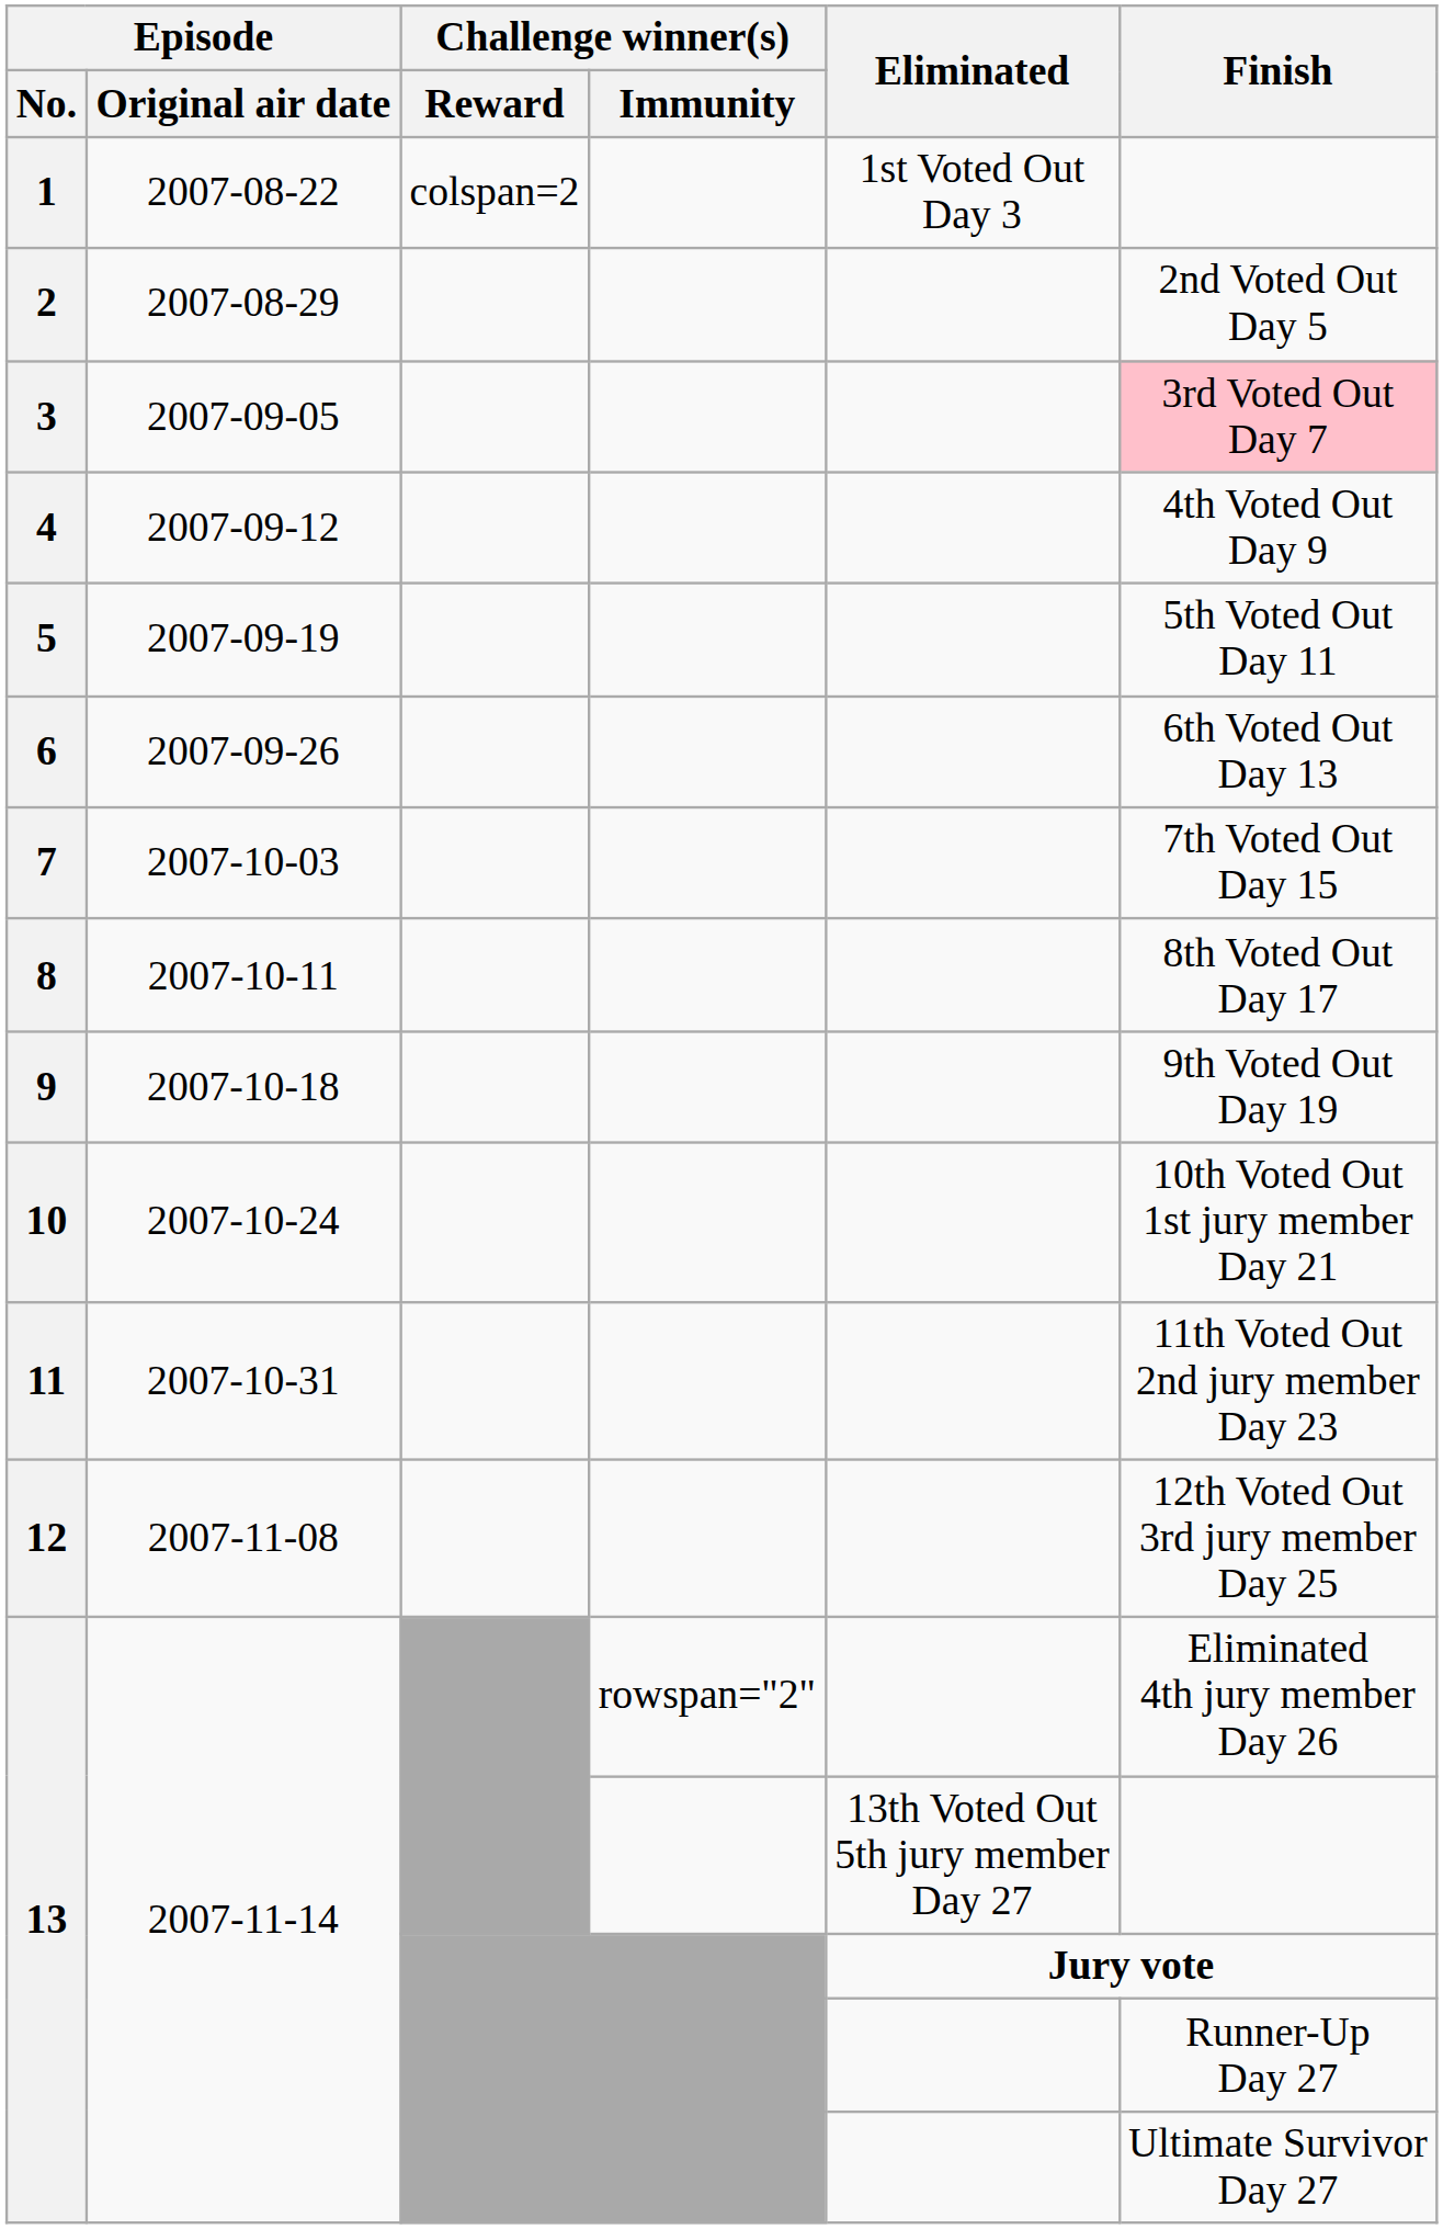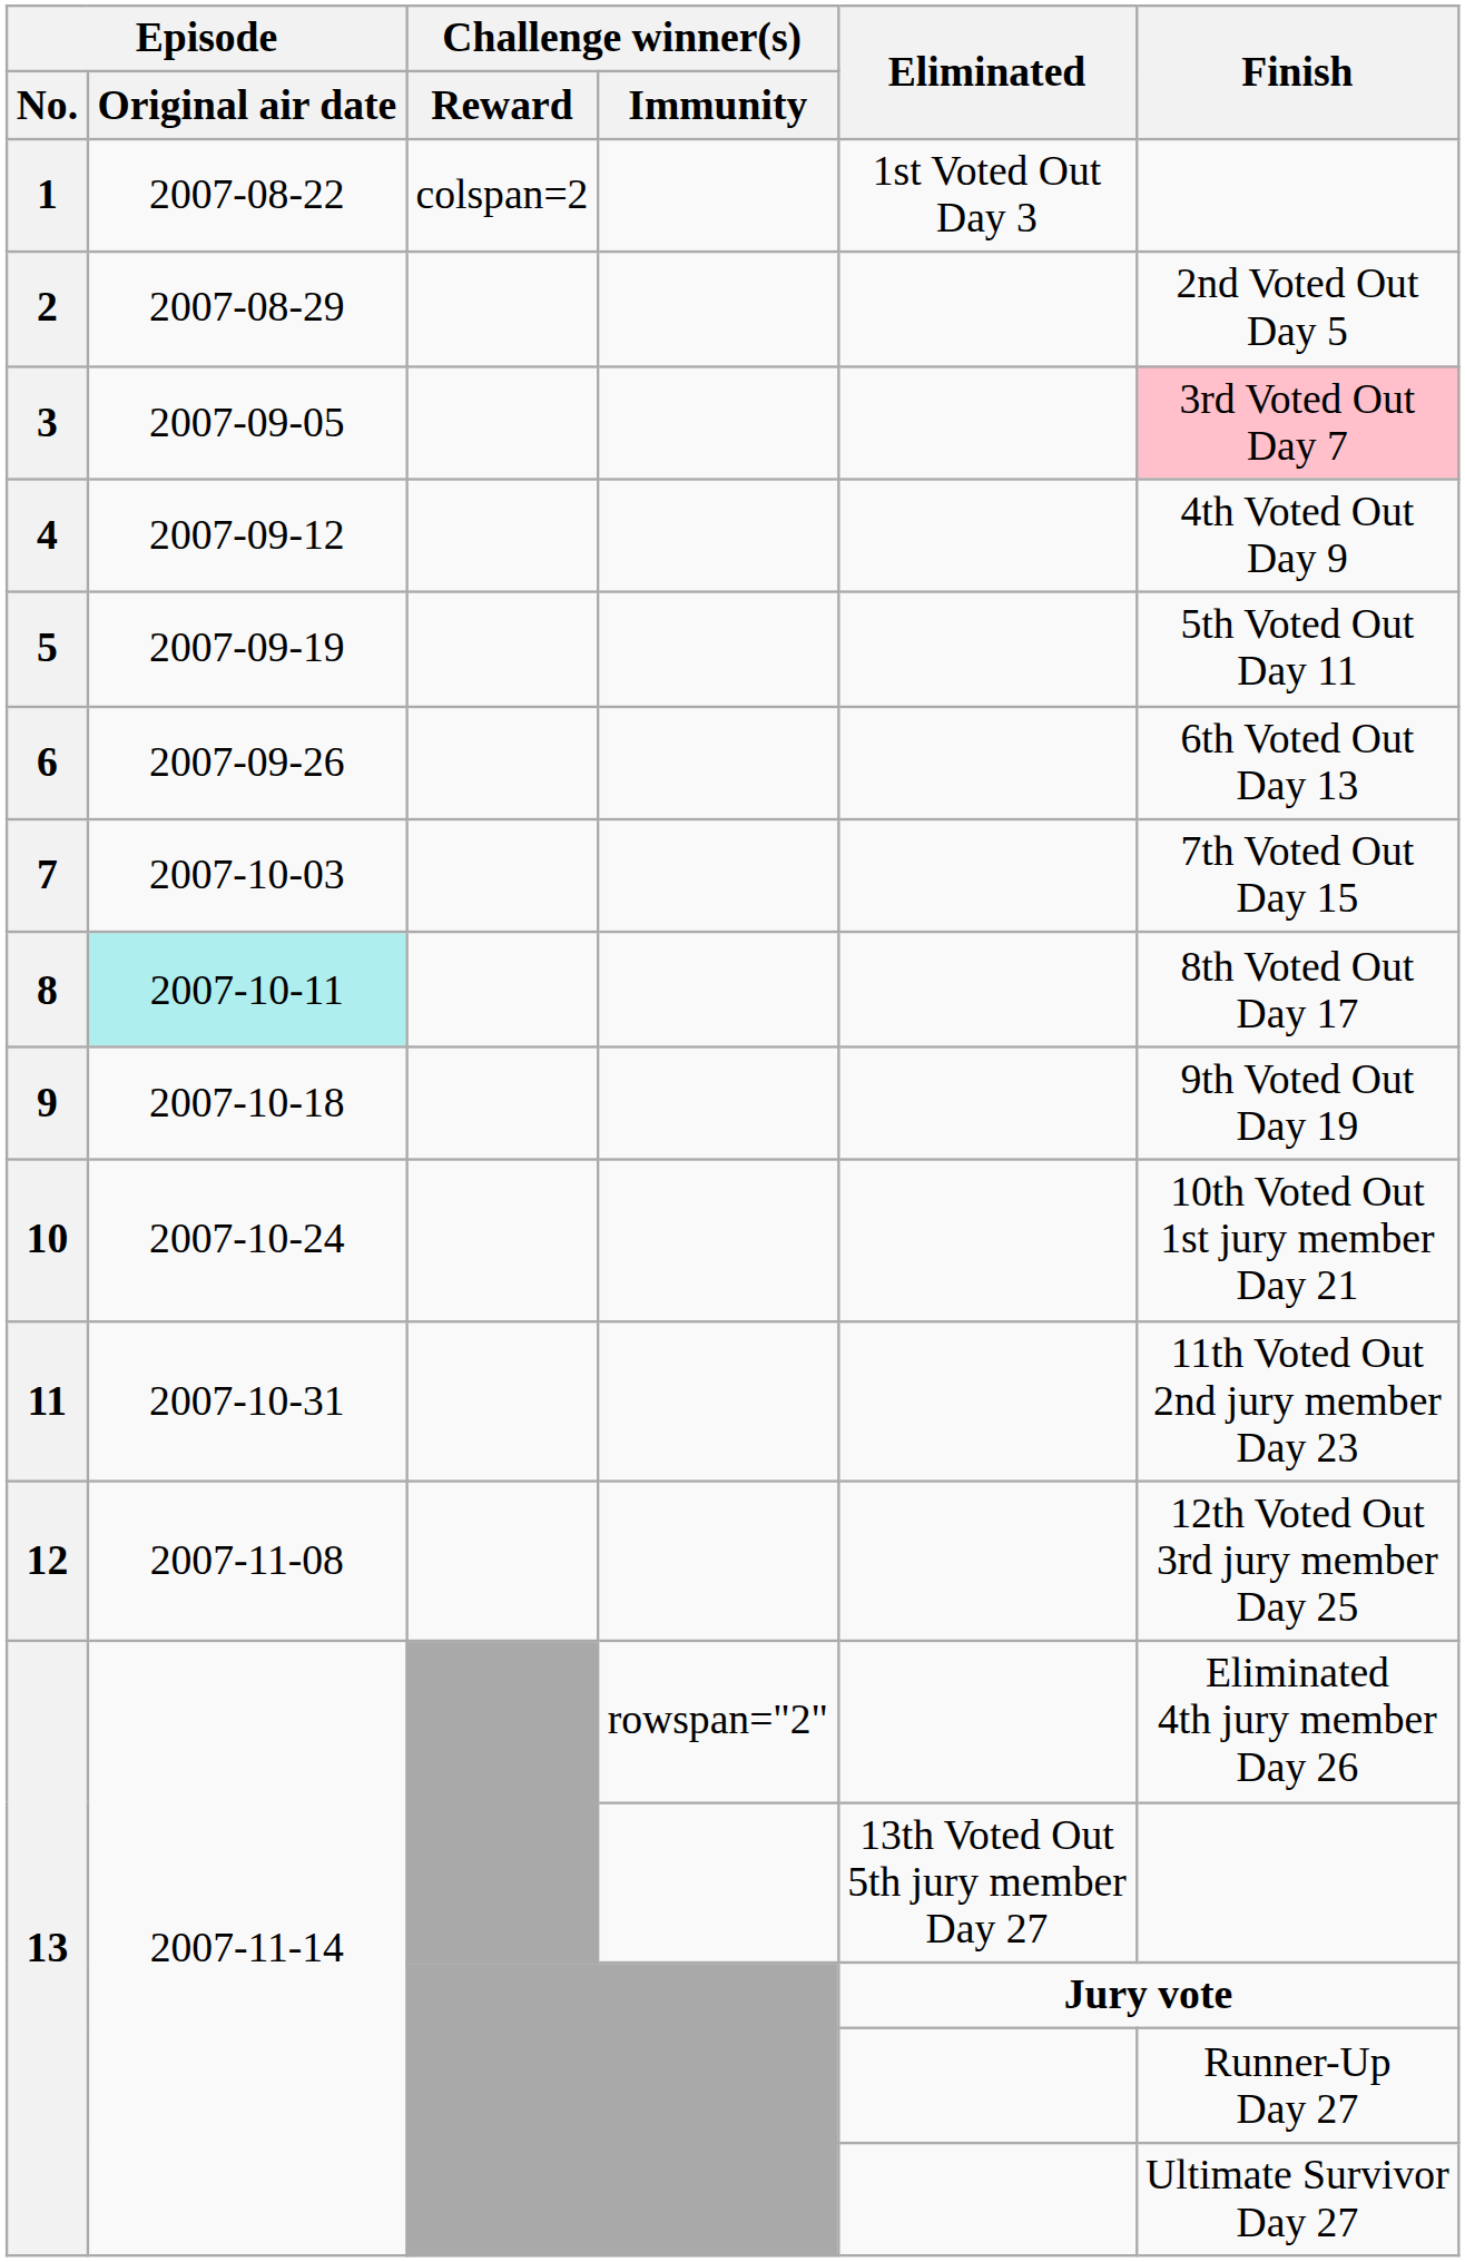 <table class="wikitable" style="margin:auto; text-align:center">
 <tr>
 <th colspan=2>Episode</th>
 <th colspan=2>Challenge winner(s)</th>
 <th rowspan=2>Eliminated</th>
 <th rowspan=2>Finish</th>
 </tr>
 <tr>
 <th>No.</th>
 <th>Original air date</th>
 <th>Reward</th>
 <th>Immunity</th>
 </tr>
 <tr>
 <th>1</th>
 <td>2007-08-22</td>
 <td>colspan=2 </td>
 <td></td>
 <td>1st Voted Out<br>Day 3</td>
 </tr>
 <tr>
 <th>2</th>
 <td>2007-08-29</td>
 <td></td>
 <td></td>
 <td></td>
 <td>2nd Voted Out<br>Day 5</td>
 </tr>
 <tr>
 <th>3</th>
 <td>2007-09-05</td>
 <td></td>
 <td></td>
 <td></td>
 <td style="background: pink;">3rd Voted Out<br>Day 7</td>
 </tr>
 <tr>
 <th>4</th>
 <td>2007-09-12</td>
 <td></td>
 <td></td>
 <td></td>
 <td>4th Voted Out<br>Day 9</td>
 </tr>
 <tr>
 <th>5</th>
 <td>2007-09-19</td>
 <td></td>
 <td></td>
 <td></td>
 <td>5th Voted Out<br>Day 11</td>
 </tr>
 <tr>
 <th>6</th>
 <td>2007-09-26</td>
 <td></td>
 <td></td>
 <td></td>
 <td>6th Voted Out<br>Day 13</td>
 </tr>
 <tr>
 <th>7</th>
 <td>2007-10-03</td>
 <td></td>
 <td></td>
 <td></td>
 <td>7th Voted Out<br>Day 15</td>
 </tr>
 <tr>
 <th>8</th>
-<td>2007-10-11</td>
+<td style="background: paleturquoise;">2007-10-11</td>
 <td></td>
 <td></td>
 <td></td>
 <td>8th Voted Out<br>Day 17</td>
 </tr>
 <tr>
 <th>9</th>
 <td>2007-10-18</td>
 <td></td>
 <td></td>
 <td></td>
 <td>9th Voted Out<br>Day 19</td>
 </tr>
 <tr>
 <th>10</th>
 <td>2007-10-24</td>
 <td></td>
 <td></td>
 <td></td>
 <td>10th Voted Out<br>1st jury member<br>Day 21</td>
 </tr>
 <tr>
 <th>11</th>
 <td>2007-10-31</td>
 <td></td>
 <td></td>
 <td></td>
 <td>11th Voted Out<br>2nd jury member<br>Day 23</td>
 </tr>
 <tr>
 <th>12</th>
 <td>2007-11-08</td>
 <td></td>
 <td></td>
 <td></td>
 <td>12th Voted Out<br>3rd jury member<br>Day 25</td>
 </tr>
 <tr>
 <th rowspan="5">13</th>
 <td rowspan="5">2007-11-14</td>
 <td rowspan="2" bgcolor="darkgray"></td>
 <td>rowspan="2" </td>
 <td></td>
 <td>Eliminated<br>4th jury member<br>Day 26</td>
 </tr>
 <tr>
 <td></td>
 <td>13th Voted Out<br>5th jury member<br>Day 27</td>
 </tr>
 <tr>
 <td rowspan="3" colspan="2" bgcolor=darkgray></td>
 <td colspan=2><strong>Jury vote</strong></td>
 </tr>
 <tr>
 <td></td>
 <td>Runner-Up<br>Day 27</td>
 </tr>
 <tr>
 <td></td>
 <td>Ultimate Survivor<br>Day 27</td>
 </tr>
 </table>
